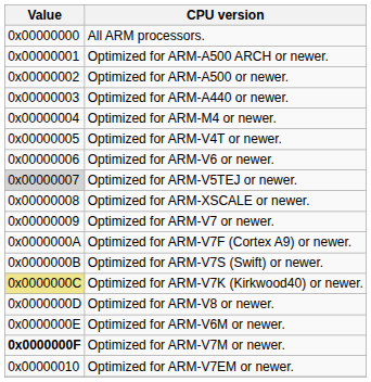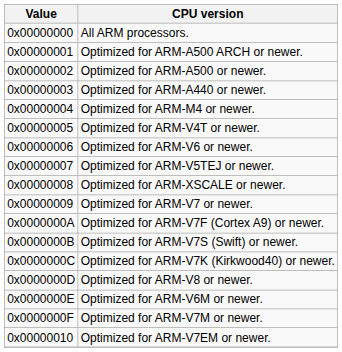 <table class="wikitable">
 <tr>
 <th>Value</th>
 <th>CPU version</th>
 </tr>
 <tr>
 <td>0x00000000</td>
 <td>All ARM processors.</td>
 </tr>
 <tr>
 <td>0x00000001</td>
 <td>Optimized for ARM-A500 ARCH or newer.</td>
 </tr>
 <tr>
 <td>0x00000002</td>
 <td>Optimized for ARM-A500 or newer.</td>
 </tr>
 <tr>
 <td>0x00000003</td>
 <td>Optimized for ARM-A440 or newer.</td>
 </tr>
 <tr>
 <td>0x00000004</td>
 <td>Optimized for ARM-M4 or newer.</td>
 </tr>
 <tr>
 <td>0x00000005</td>
 <td>Optimized for ARM-V4T or newer.</td>
 </tr>
 <tr>
 <td>0x00000006</td>
 <td>Optimized for ARM-V6 or newer.</td>
 </tr>
 <tr>
-<td style="background: lightgrey;">0x00000007</td>
+<td>0x00000007</td>
 <td>Optimized for ARM-V5TEJ or newer.</td>
 </tr>
 <tr>
 <td>0x00000008</td>
 <td>Optimized for ARM-XSCALE or newer.</td>
 </tr>
 <tr>
 <td>0x00000009</td>
 <td>Optimized for ARM-V7 or newer.</td>
 </tr>
 <tr>
 <td>0x0000000A</td>
 <td>Optimized for ARM-V7F (Cortex A9) or newer.</td>
 </tr>
 <tr>
 <td>0x0000000B</td>
 <td>Optimized for ARM-V7S (Swift) or newer.</td>
 </tr>
 <tr>
-<td style="background: khaki;">0x0000000C</td>
+<td>0x0000000C</td>
 <td>Optimized for ARM-V7K (Kirkwood40) or newer.</td>
 </tr>
 <tr>
 <td>0x0000000D</td>
 <td>Optimized for ARM-V8 or newer.</td>
 </tr>
 <tr>
 <td>0x0000000E</td>
 <td>Optimized for ARM-V6M or newer.</td>
 </tr>
 <tr>
-<td><strong>0x0000000F</strong></td>
+<td>0x0000000F</td>
 <td>Optimized for ARM-V7M or newer.</td>
 </tr>
 <tr>
 <td>0x00000010</td>
 <td>Optimized for ARM-V7EM or newer.</td>
 </tr>
 <tr>
 </tr>
 </table>
